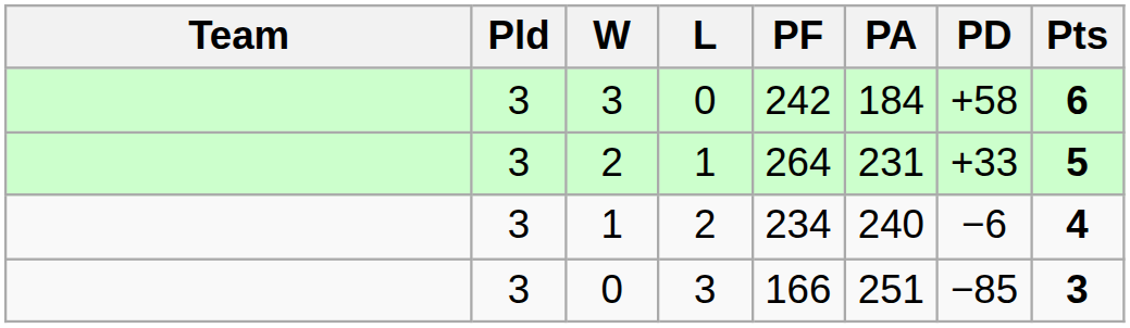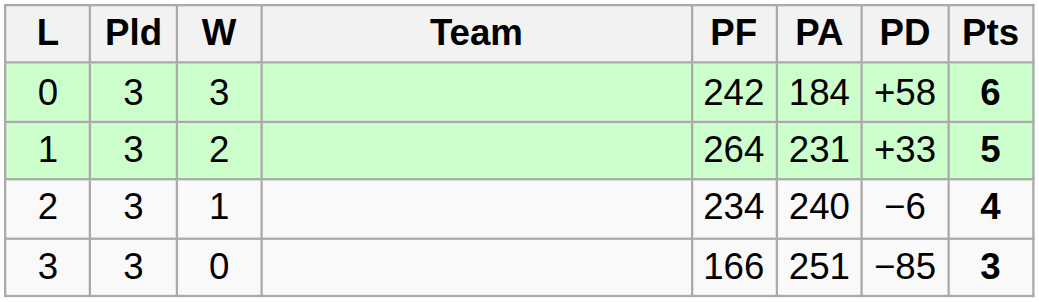 <table class=wikitable style="text-align:center">
 <tr>
-<th width=180>Team</th>
+<th width=30>L</th>
 <th width=30>Pld</th>
 <th width=30>W</th>
-<th width=30>L</th>
+<th width=180>Team</th>
 <th width=30>PF</th>
 <th width=30>PA</th>
 <th width=30>PD</th>
 <th width=30>Pts</th>
 </tr>
 <tr bgcolor="#ccffcc">
-<td align=left></td>
+<td>0</td>
 <td>3</td>
 <td>3</td>
-<td>0</td>
+<td align=left></td>
 <td>242</td>
 <td>184</td>
 <td>+58</td>
 <td><strong>6</strong></td>
 </tr>
 <tr bgcolor="#ccffcc">
-<td align=left></td>
+<td>1</td>
 <td>3</td>
 <td>2</td>
-<td>1</td>
+<td align=left></td>
 <td>264</td>
 <td>231</td>
 <td>+33</td>
 <td><strong>5</strong></td>
 </tr>
 <tr align=center>
-<td align=left></td>
+<td>2</td>
 <td>3</td>
 <td>1</td>
-<td>2</td>
+<td align=left></td>
 <td>234</td>
 <td>240</td>
 <td>−6</td>
 <td><strong>4</strong></td>
 </tr>
 <tr align=center>
-<td align=left></td>
+<td>3</td>
 <td>3</td>
 <td>0</td>
-<td>3</td>
+<td align=left></td>
 <td>166</td>
 <td>251</td>
 <td>−85</td>
 <td><strong>3</strong></td>
 </tr>
 </table>
